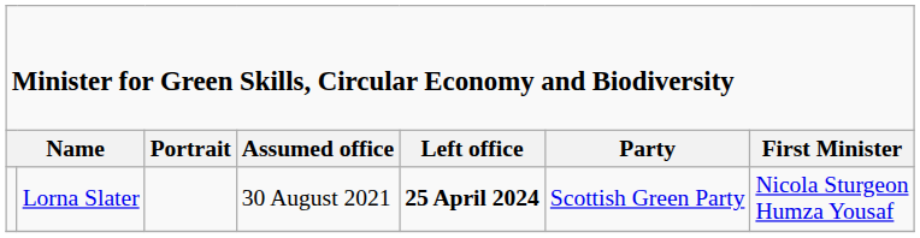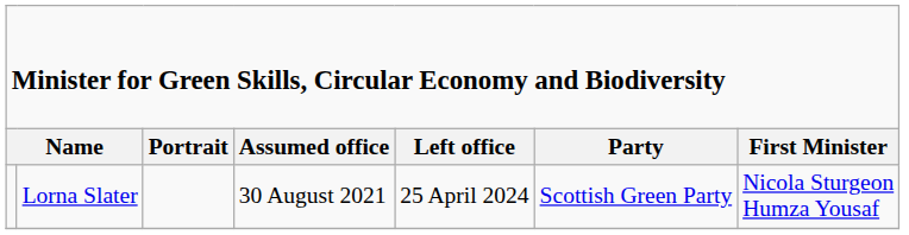 <table class="wikitable" style="margin: 0 0 0 1em; background: #f9f9f9; border: 1px #aaaaaa solid; border-collapse: collapse; ">
 <tr>
 <td colspan="7"><br><h3>Minister for Green Skills, Circular Economy and Biodiversity</h3></td>
 </tr>
 <tr>
 <th colspan="2">Name</th>
 <th>Portrait</th>
 <th>Assumed office</th>
 <th>Left office</th>
 <th>Party</th>
 <th>First Minister</th>
 </tr>
 <tr>
 <td></td>
 <td><a href='#'>Lorna Slater</a></td>
 <td></td>
 <td>30 August 2021</td>
-<td><strong>25 April 2024</strong></td>
+<td>25 April 2024</td>
 <td><a href='#'>Scottish Green Party</a></td>
 <td><a href='#'>Nicola Sturgeon</a><br><a href='#'>Humza Yousaf</a></td>
 </tr>
 <tr>
 </tr>
 </table>
